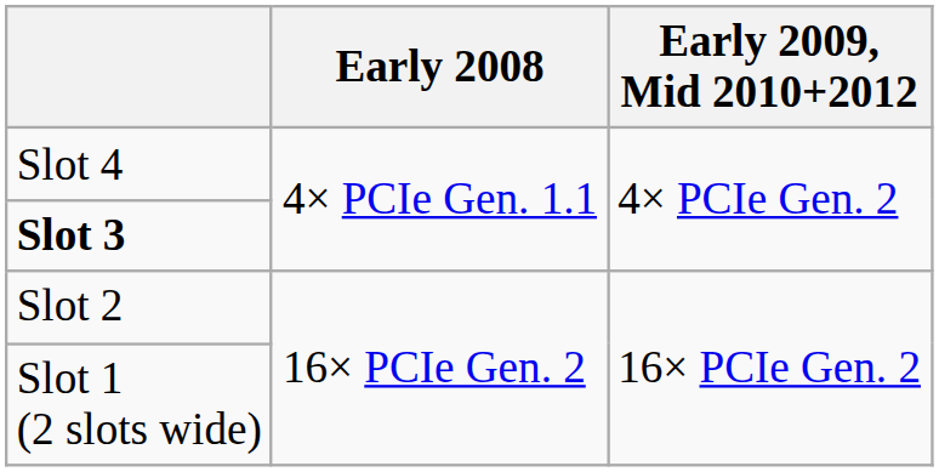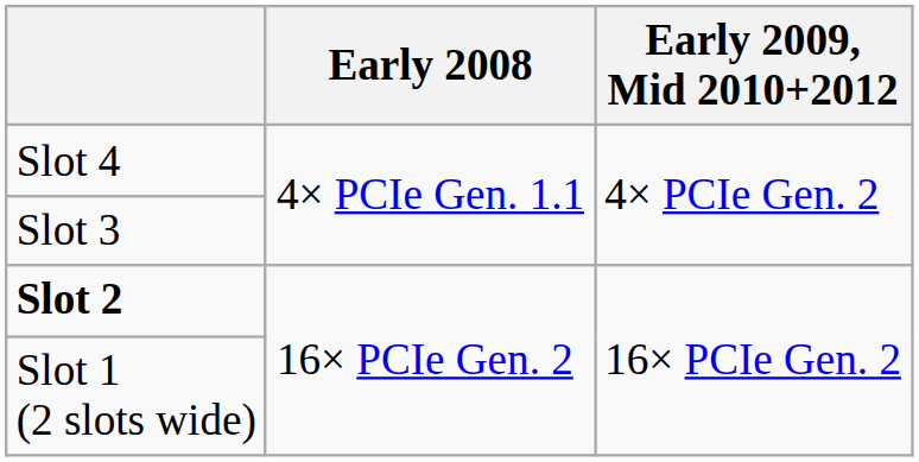 <table class="wikitable floatright">
 <tr>
 <th></th>
 <th>Early 2008</th>
 <th>Early 2009,<br>Mid 2010+2012</th>
 </tr>
 <tr>
 <td>Slot 4</td>
 <td rowspan=2>4× <a href='#'>PCIe Gen. 1.1</a></td>
 <td rowspan=2>4× <a href='#'>PCIe Gen. 2</a></td>
 </tr>
 <tr>
-<td><strong>Slot 3</strong></td>
+<td>Slot 3</td>
 </tr>
 <tr>
-<td>Slot 2</td>
+<td><strong>Slot 2</strong></td>
 <td rowspan=2>16× <a href='#'>PCIe Gen. 2</a></td>
 <td rowspan=2>16× <a href='#'>PCIe Gen. 2</a></td>
 </tr>
 <tr>
 <td>Slot 1<br>(2 slots wide)</td>
 </tr>
 </table>
